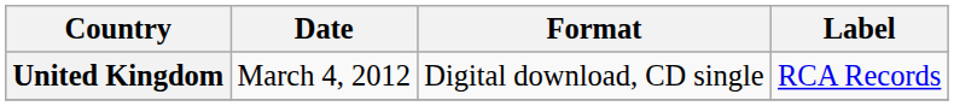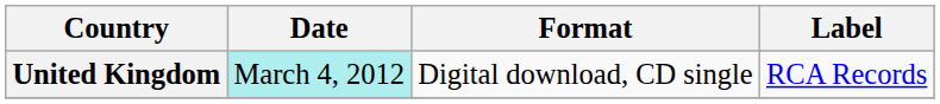 <table class="wikitable plainrowheaders">
 <tr>
 <th scope="col">Country</th>
 <th scope="col">Date</th>
 <th scope="col">Format</th>
 <th scope="col">Label</th>
 </tr>
 <tr>
 <th scope="row">United Kingdom</th>
-<td>March 4, 2012</td>
+<td style="background: paleturquoise;">March 4, 2012</td>
 <td>Digital download, CD single</td>
 <td><a href='#'>RCA Records</a></td>
 </tr>
 <tr>
 </tr>
 </table>
